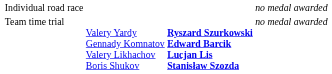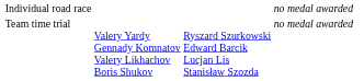 <table>
 <tr>
 <td>Individual road race<br> </td>
 <td></td>
 <td></td>
 <td><em>no medal awarded</em> </td>
 </tr>
 <tr valign="top">
 <td>Team time trial<br> </td>
 <td><br><a href='#'>Valery Yardy</a><br><a href='#'>Gennady Komnatov</a><br><a href='#'>Valery Likhachov</a><br><a href='#'>Boris Shukov</a></td>
-<td><strong><br><a href='#'>Ryszard Szurkowski</a><br><a href='#'>Edward Barcik</a><br><a href='#'>Lucjan Lis</a><br><a href='#'>Stanisław Szozda</a></strong></td>
+<td><br><a href='#'>Ryszard Szurkowski</a><br><a href='#'>Edward Barcik</a><br><a href='#'>Lucjan Lis</a><br><a href='#'>Stanisław Szozda</a></td>
 <td><em>no medal awarded</em> </td>
 </tr>
 </table>
